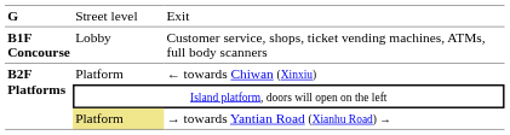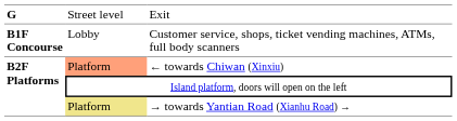 <table table border=0 cellspacing=0 cellpadding=3>
 <tr>
 <td style="border-top:solid 1px gray;" width=50 valign=top><strong>G</strong></td>
 <td style="border-top:solid 1px gray;" width=100 valign=top>Street level</td>
 <td style="border-top:solid 1px gray;" width=390 valign=top>Exit</td>
 </tr>
 <tr>
 <td style="border-bottom:solid 1px gray; border-top:solid 1px gray;" valign=top width=50><strong>B1F<br>Concourse</strong></td>
 <td style="border-bottom:solid 1px gray; border-top:solid 1px gray;" valign=top width=100>Lobby</td>
 <td style="border-bottom:solid 1px gray; border-top:solid 1px gray;" valign=top width=390>Customer service, shops, ticket vending machines, ATMs, full body scanners</td>
 </tr>
 <tr>
 <td style="border-bottom:solid 1px gray;" rowspan="3" valign=top><strong>B2F<br>Platforms</strong></td>
-<td>Platform</td>
+<td style="background: lightsalmon;">Platform</td>
 <td>←  towards <a href='#'>Chiwan</a> <small>(<a href='#'>Xinxiu</a>)</small></td>
 </tr>
 <tr>
 <td style="border-right:solid 2px black;border-left:solid 2px black;border-top:solid 2px black;border-bottom:solid 2px black;text-align:center;" colspan=2><small><a href='#'>Island platform</a>, doors will open on the left</small></td>
 </tr>
 <tr>
 <td style="background: khaki; border-bottom:solid 1px gray;">Platform</td>
 <td style="border-bottom:solid 1px gray;"><span>→</span>  towards <a href='#'>Yantian Road</a> <small>(<a href='#'>Xianhu Road</a>) →</small></td>
 </tr>
 </table>
